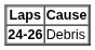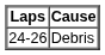 <table border=2 cellspacing=0>
 <tr>
 <th>Laps</th>
 <th>Cause</th>
 </tr>
 <tr>
-<td><strong>24-26</strong></td>
+<td>24-26</td>
 <td>Debris</td>
 </tr>
 </table>
